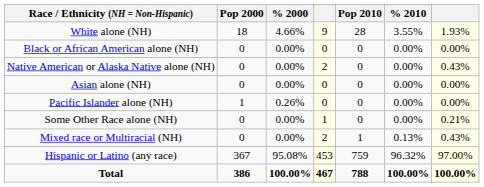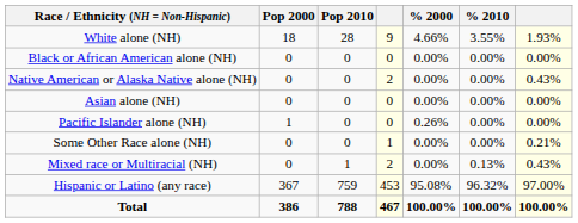 <table class="wikitable" style="text-align:center;">
 <tr>
 <th>Race / Ethnicity <small>(<em>NH = Non-Hispanic</em>)</small></th>
 <th>Pop 2000</th>
+<th>Pop 2010</th>
+<th></th>
 <th>% 2000</th>
-<th></th>
-<th>Pop 2010</th>
 <th>% 2010</th>
 <th></th>
 </tr>
 <tr>
 <td><a href='#'>White</a> alone (NH)</td>
 <td>18</td>
+<td>28</td>
+<td style='background: #ffffe6;'>9</td>
 <td>4.66%</td>
-<td style='background: #ffffe6;'>9</td>
-<td>28</td>
 <td>3.55%</td>
 <td style='background: #ffffe6;'>1.93%</td>
 </tr>
 <tr>
 <td><a href='#'>Black or African American</a> alone (NH)</td>
 <td>0</td>
+<td>0</td>
+<td style='background: #ffffe6;'>0</td>
 <td>0.00%</td>
-<td style='background: #ffffe6;'>0</td>
-<td>0</td>
 <td>0.00%</td>
 <td style='background: #ffffe6;'>0.00%</td>
 </tr>
 <tr>
 <td><a href='#'>Native American</a> or <a href='#'>Alaska Native</a> alone (NH)</td>
 <td>0</td>
+<td>0</td>
+<td style='background: #ffffe6;'>2</td>
 <td>0.00%</td>
-<td style='background: #ffffe6;'>2</td>
-<td>0</td>
 <td>0.00%</td>
 <td style='background: #ffffe6;'>0.43%</td>
 </tr>
 <tr>
 <td><a href='#'>Asian</a> alone (NH)</td>
 <td>0</td>
+<td>0</td>
+<td style='background: #ffffe6;'>0</td>
 <td>0.00%</td>
-<td style='background: #ffffe6;'>0</td>
-<td>0</td>
 <td>0.00%</td>
 <td style='background: #ffffe6;'>0.00%</td>
 </tr>
 <tr>
 <td><a href='#'>Pacific Islander</a> alone (NH)</td>
 <td>1</td>
+<td>0</td>
+<td style='background: #ffffe6;'>0</td>
 <td>0.26%</td>
-<td style='background: #ffffe6;'>0</td>
-<td>0</td>
 <td>0.00%</td>
 <td style='background: #ffffe6;'>0.00%</td>
 </tr>
 <tr>
 <td>Some Other Race alone (NH)</td>
 <td>0</td>
+<td>0</td>
+<td style='background: #ffffe6;'>1</td>
 <td>0.00%</td>
-<td style='background: #ffffe6;'>1</td>
-<td>0</td>
 <td>0.00%</td>
 <td style='background: #ffffe6;'>0.21%</td>
 </tr>
 <tr>
 <td><a href='#'>Mixed race or Multiracial</a> (NH)</td>
 <td>0</td>
+<td>1</td>
+<td style='background: #ffffe6;'>2</td>
 <td>0.00%</td>
-<td style='background: #ffffe6;'>2</td>
-<td>1</td>
 <td>0.13%</td>
 <td style='background: #ffffe6;'>0.43%</td>
 </tr>
 <tr>
 <td><a href='#'>Hispanic or Latino</a> (any race)</td>
 <td>367</td>
+<td>759</td>
+<td style='background: #ffffe6;'>453</td>
 <td>95.08%</td>
-<td style='background: #ffffe6;'>453</td>
-<td>759</td>
 <td>96.32%</td>
 <td style='background: #ffffe6;'>97.00%</td>
 </tr>
 <tr>
 <td><strong>Total</strong></td>
 <td><strong>386</strong></td>
+<td><strong>788</strong></td>
+<td style='background: #ffffe6;'><strong>467</strong></td>
 <td><strong>100.00%</strong></td>
-<td style='background: #ffffe6;'><strong>467</strong></td>
-<td><strong>788</strong></td>
 <td><strong>100.00%</strong></td>
 <td style='background: #ffffe6;'><strong>100.00%</strong></td>
 </tr>
 </table>
